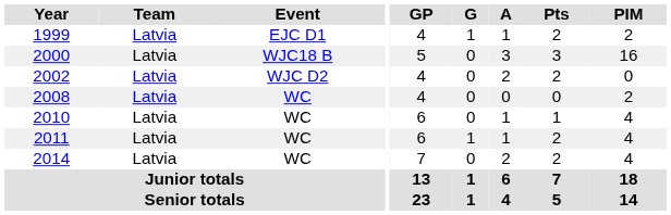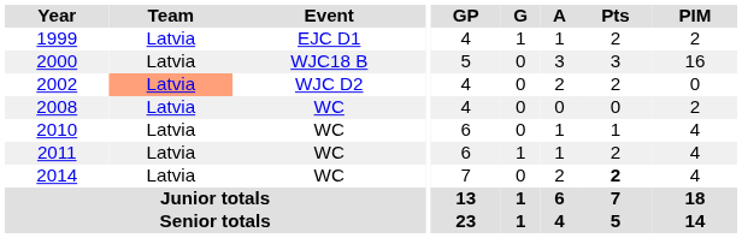 <table border="0" cellpadding="1" cellspacing="0" ID="Table3" style="text-align:center; width:40em">
 <tr ALIGN="center" bgcolor="#e0e0e0">
 <th>Year</th>
 <th>Team</th>
 <th>Event</th>
 <th rowspan="99" bgcolor="#ffffff"></th>
 <th>GP</th>
 <th>G</th>
 <th>A</th>
 <th>Pts</th>
 <th>PIM</th>
 </tr>
 <tr>
 <td><a href='#'>1999</a></td>
 <td><a href='#'>Latvia</a></td>
 <td><a href='#'>EJC D1</a></td>
 <td>4</td>
 <td>1</td>
 <td>1</td>
 <td>2</td>
 <td>2</td>
 </tr>
 <tr bgcolor="#f0f0f0">
 <td><a href='#'>2000</a></td>
 <td>Latvia</td>
 <td><a href='#'>WJC18 B</a></td>
 <td>5</td>
 <td>0</td>
 <td>3</td>
 <td>3</td>
 <td>16</td>
 </tr>
 <tr>
 <td><a href='#'>2002</a></td>
-<td><a href='#'>Latvia</a></td>
+<td style="background: lightsalmon;"><a href='#'>Latvia</a></td>
 <td><a href='#'>WJC D2</a></td>
 <td>4</td>
 <td>0</td>
 <td>2</td>
 <td>2</td>
 <td>0</td>
 </tr>
 <tr bgcolor="#f0f0f0">
 <td><a href='#'>2008</a></td>
 <td><a href='#'>Latvia</a></td>
 <td><a href='#'>WC</a></td>
 <td>4</td>
 <td>0</td>
 <td>0</td>
 <td>0</td>
 <td>2</td>
 </tr>
 <tr>
 <td><a href='#'>2010</a></td>
 <td>Latvia</td>
 <td>WC</td>
 <td>6</td>
 <td>0</td>
 <td>1</td>
 <td>1</td>
 <td>4</td>
 </tr>
 <tr bgcolor="#f0f0f0">
 <td><a href='#'>2011</a></td>
 <td>Latvia</td>
 <td>WC</td>
 <td>6</td>
 <td>1</td>
 <td>1</td>
 <td>2</td>
 <td>4</td>
 </tr>
 <tr>
 <td><a href='#'>2014</a></td>
 <td>Latvia</td>
 <td>WC</td>
 <td>7</td>
 <td>0</td>
 <td>2</td>
-<td>2</td>
+<td><strong>2</strong></td>
 <td>4</td>
 </tr>
 <tr bgcolor="#e0e0e0">
 <th colspan="3">Junior totals</th>
 <th>13</th>
 <th>1</th>
 <th>6</th>
 <th>7</th>
 <th>18</th>
 </tr>
 <tr bgcolor="#e0e0e0">
 <th colspan="3">Senior totals</th>
 <th>23</th>
 <th>1</th>
 <th>4</th>
 <th>5</th>
 <th>14</th>
 </tr>
 </table>
